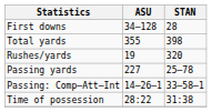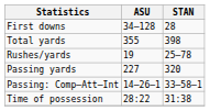 <table class="wikitable" style="float: left;">
 <tr>
 <th>Statistics</th>
 <th>ASU</th>
 <th>STAN</th>
 </tr>
 <tr>
 <td>First downs</td>
 <td>34–128</td>
 <td>28</td>
 </tr>
 <tr>
 <td>Total yards</td>
 <td>355</td>
 <td>398</td>
 </tr>
 <tr>
 <td>Rushes/yards</td>
 <td>19</td>
-<td>320</td>
+<td>25–78</td>
 </tr>
 <tr>
 <td>Passing yards</td>
 <td>227</td>
-<td>25–78</td>
+<td>320</td>
 </tr>
 <tr>
 <td>Passing: Comp–Att–Int</td>
 <td>14–26–1</td>
 <td>33–58–1</td>
 </tr>
 <tr>
 <td>Time of possession</td>
 <td>28:22</td>
 <td>31:38</td>
 </tr>
 <tr>
 </tr>
 </table>
